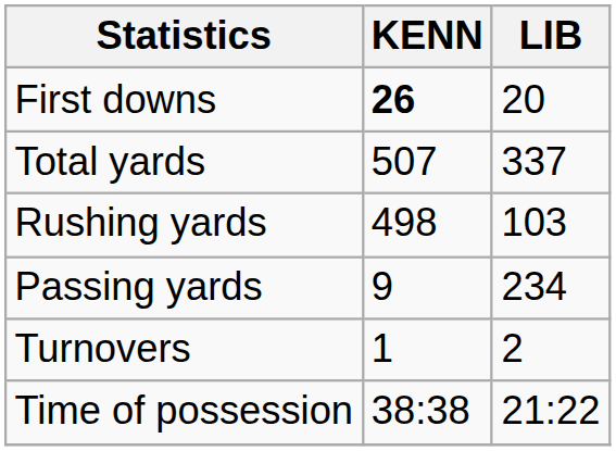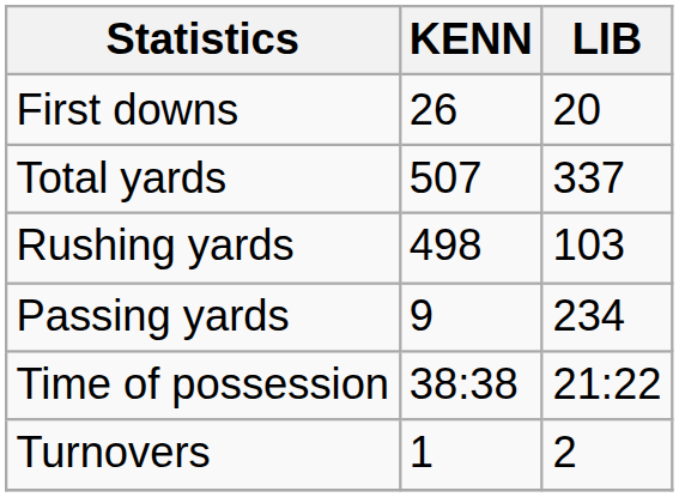 <table class="wikitable">
 <tr>
 <th>Statistics</th>
 <th>KENN</th>
 <th>LIB</th>
 </tr>
 <tr>
 <td>First downs</td>
-<td><strong>26</strong></td>
+<td>26</td>
 <td>20</td>
 </tr>
 <tr>
 <td>Total yards</td>
 <td>507</td>
 <td>337</td>
 </tr>
 <tr>
 <td>Rushing yards</td>
 <td>498</td>
 <td>103</td>
 </tr>
 <tr>
 <td>Passing yards</td>
 <td>9</td>
 <td>234</td>
 </tr>
 <tr>
+<td>Time of possession</td>
+<td>38:38</td>
+<td>21:22</td>
+</tr>
+<tr>
 <td>Turnovers</td>
 <td>1</td>
 <td>2</td>
 </tr>
 <tr>
-<td>Time of possession</td>
-<td>38:38</td>
-<td>21:22</td>
-</tr>
-<tr>
 </tr>
 </table>
